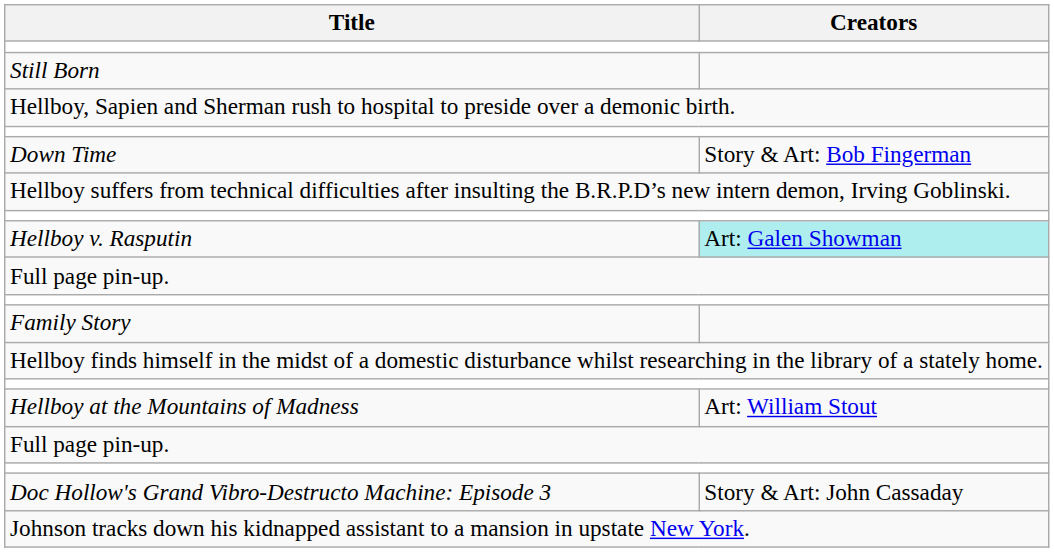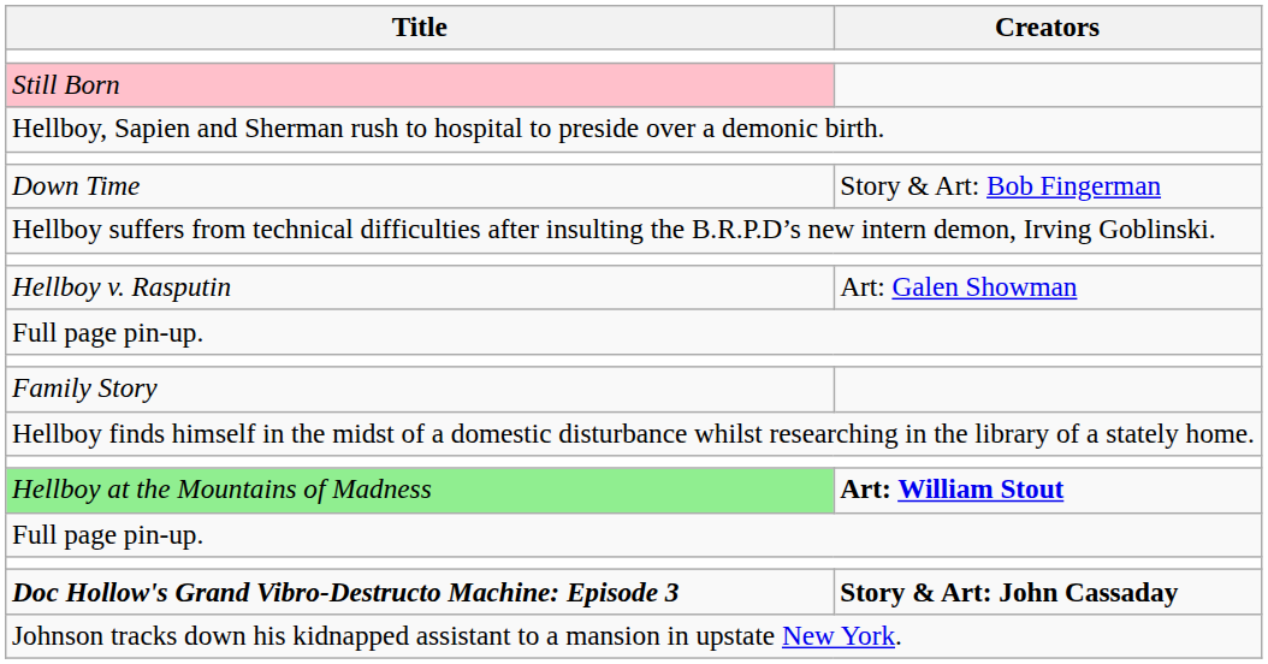 <table class="wikitable">
 <tr>
 <th>Title</th>
 <th>Creators</th>
 </tr>
 <tr>
 <td colspan="6" bgcolor="#FFFFFF"></td>
 </tr>
 <tr>
-<td><em>Still Born</em></td>
+<td style="background: pink;"><em>Still Born</em></td>
 <td></td>
 </tr>
 <tr>
 <td colspan="6">Hellboy, Sapien and Sherman rush to hospital to preside over a demonic birth.</td>
 </tr>
 <tr>
 <td colspan="6" bgcolor="#FFFFFF"></td>
 </tr>
 <tr>
 <td><em>Down Time</em></td>
 <td>Story & Art: <a href='#'>Bob Fingerman</a></td>
 </tr>
 <tr>
 <td colspan="6">Hellboy suffers from technical difficulties after insulting the B.R.P.D’s new intern demon, Irving Goblinski.</td>
 </tr>
 <tr>
 <td colspan="6" bgcolor="#FFFFFF"></td>
 </tr>
 <tr>
 <td><em>Hellboy v. Rasputin</em></td>
-<td style="background: paleturquoise;">Art: <a href='#'>Galen Showman</a></td>
+<td>Art: <a href='#'>Galen Showman</a></td>
 </tr>
 <tr>
 <td colspan="6">Full page pin-up.</td>
 </tr>
 <tr>
 <td colspan="6" bgcolor="#FFFFFF"></td>
 </tr>
 <tr>
 <td><em>Family Story</em></td>
 <td></td>
 </tr>
 <tr>
 <td colspan="6">Hellboy finds himself in the midst of a domestic disturbance whilst researching in the library of a stately home.</td>
 </tr>
 <tr>
 <td colspan="6" bgcolor="#FFFFFF"></td>
 </tr>
 <tr>
-<td><em>Hellboy at the Mountains of Madness</em></td>
-<td>Art: <a href='#'>William Stout</a></td>
+<td style="background: lightgreen;"><em>Hellboy at the Mountains of Madness</em></td>
+<td><strong>Art: <a href='#'>William Stout</a></strong></td>
 </tr>
 <tr>
 <td colspan="6">Full page pin-up.</td>
 </tr>
 <tr>
 <td colspan="6" bgcolor="#FFFFFF"></td>
 </tr>
 <tr>
-<td><em>Doc Hollow's Grand Vibro-Destructo Machine: Episode 3</em></td>
-<td>Story & Art: John Cassaday</td>
+<td><strong><em>Doc Hollow's Grand Vibro-Destructo Machine: Episode 3</em></strong></td>
+<td><strong>Story & Art: John Cassaday</strong></td>
 </tr>
 <tr>
 <td colspan="6">Johnson tracks down his kidnapped assistant to a mansion in upstate <a href='#'>New York</a>.</td>
 </tr>
 </table>
